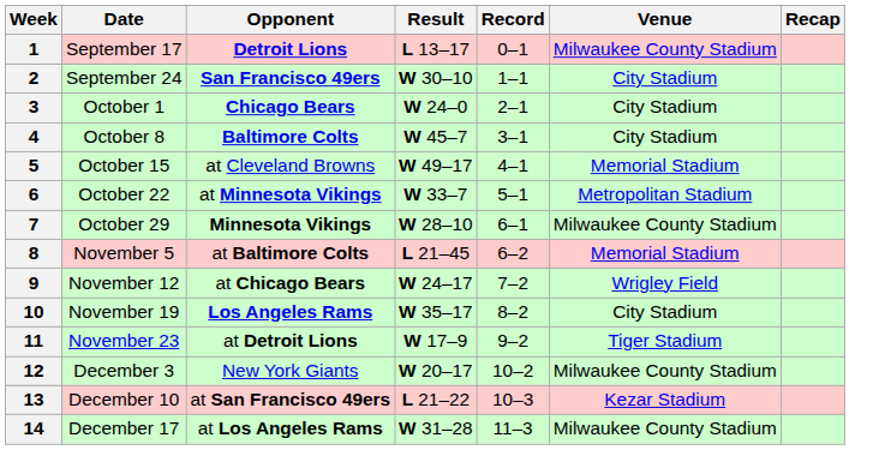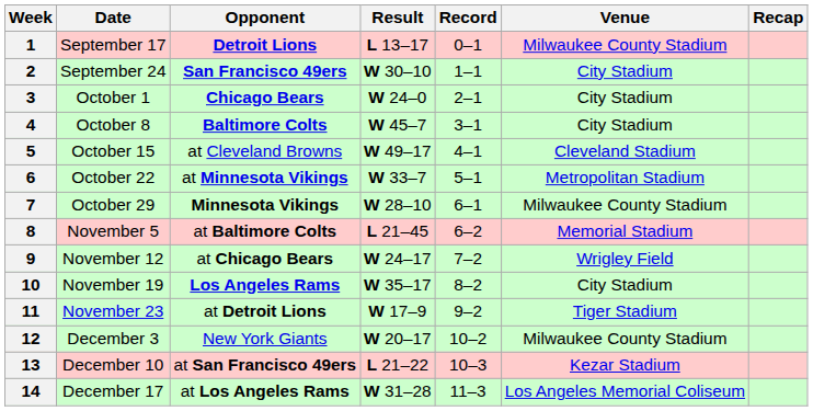 <table class="wikitable" style="text-align:center">
 <tr>
 <th>Week</th>
 <th>Date</th>
 <th>Opponent</th>
 <th>Result</th>
 <th>Record</th>
 <th>Venue</th>
 <th>Recap</th>
 </tr>
 <tr style="background:#fcc">
 <th>1</th>
 <td>September 17</td>
 <td><strong><a href='#'>Detroit Lions</a></strong></td>
 <td><strong>L</strong> 13–17</td>
 <td>0–1</td>
 <td><a href='#'>Milwaukee County Stadium</a></td>
 <td></td>
 </tr>
 <tr style="background:#cfc">
 <th>2</th>
 <td>September 24</td>
 <td><strong><a href='#'>San Francisco 49ers</a></strong></td>
 <td><strong>W</strong> 30–10</td>
 <td>1–1</td>
 <td><a href='#'>City Stadium</a></td>
 <td></td>
 </tr>
 <tr style="background:#cfc">
 <th>3</th>
 <td>October 1</td>
 <td><strong><a href='#'>Chicago Bears</a></strong></td>
 <td><strong>W</strong> 24–0</td>
 <td>2–1</td>
 <td>City Stadium</td>
 <td></td>
 </tr>
 <tr style="background:#cfc">
 <th>4</th>
 <td>October 8</td>
 <td><strong><a href='#'>Baltimore Colts</a></strong></td>
 <td><strong>W</strong> 45–7</td>
 <td>3–1</td>
 <td>City Stadium</td>
 <td></td>
 </tr>
 <tr style="background:#cfc">
 <th>5</th>
 <td>October 15</td>
 <td>at <a href='#'>Cleveland Browns</a></td>
 <td><strong>W</strong> 49–17</td>
 <td>4–1</td>
-<td><a href='#'>Memorial Stadium</a></td>
+<td><a href='#'>Cleveland Stadium</a></td>
 <td></td>
 </tr>
 <tr style="background:#cfc">
 <th>6</th>
 <td>October 22</td>
 <td>at <strong><a href='#'>Minnesota Vikings</a></strong></td>
 <td><strong>W</strong> 33–7</td>
 <td>5–1</td>
 <td><a href='#'>Metropolitan Stadium</a></td>
 <td></td>
 </tr>
 <tr style="background:#cfc">
 <th>7</th>
 <td>October 29</td>
 <td><strong>Minnesota Vikings</strong></td>
 <td><strong>W</strong> 28–10</td>
 <td>6–1</td>
 <td>Milwaukee County Stadium</td>
 <td></td>
 </tr>
 <tr align="center"  style="background: #fcc">
 <th>8</th>
 <td>November 5</td>
 <td>at <strong>Baltimore Colts</strong></td>
 <td><strong>L</strong> 21–45</td>
 <td>6–2</td>
 <td><a href='#'>Memorial Stadium</a></td>
 <td></td>
 </tr>
 <tr style="background:#cfc">
 <th>9</th>
 <td>November 12</td>
 <td>at <strong>Chicago Bears</strong></td>
 <td><strong>W</strong> 24–17</td>
 <td>7–2</td>
 <td><a href='#'>Wrigley Field</a></td>
 <td></td>
 </tr>
 <tr style="background:#cfc">
 <th>10</th>
 <td>November 19</td>
 <td><strong><a href='#'>Los Angeles Rams</a></strong></td>
 <td><strong>W</strong> 35–17</td>
 <td>8–2</td>
 <td>City Stadium</td>
 <td></td>
 </tr>
 <tr style="background:#cfc">
 <th>11</th>
 <td><a href='#'>November 23</a></td>
 <td>at <strong>Detroit Lions</strong></td>
 <td><strong>W</strong> 17–9</td>
 <td>9–2</td>
 <td><a href='#'>Tiger Stadium</a></td>
 <td></td>
 </tr>
 <tr style="background:#cfc">
 <th>12</th>
 <td>December 3</td>
 <td><a href='#'>New York Giants</a></td>
 <td><strong>W</strong> 20–17</td>
 <td>10–2</td>
 <td>Milwaukee County Stadium</td>
 <td></td>
 </tr>
 <tr style="background:#fcc">
 <th>13</th>
 <td>December 10</td>
 <td>at <strong>San Francisco 49ers</strong></td>
 <td><strong>L</strong> 21–22</td>
 <td>10–3</td>
 <td><a href='#'>Kezar Stadium</a></td>
 <td></td>
 </tr>
 <tr style="background:#cfc">
 <th>14</th>
 <td>December 17</td>
 <td>at <strong>Los Angeles Rams</strong></td>
 <td><strong>W</strong> 31–28</td>
 <td>11–3</td>
-<td>Milwaukee County Stadium</td>
+<td><a href='#'>Los Angeles Memorial Coliseum</a></td>
 <td></td>
 </tr>
 </table>
